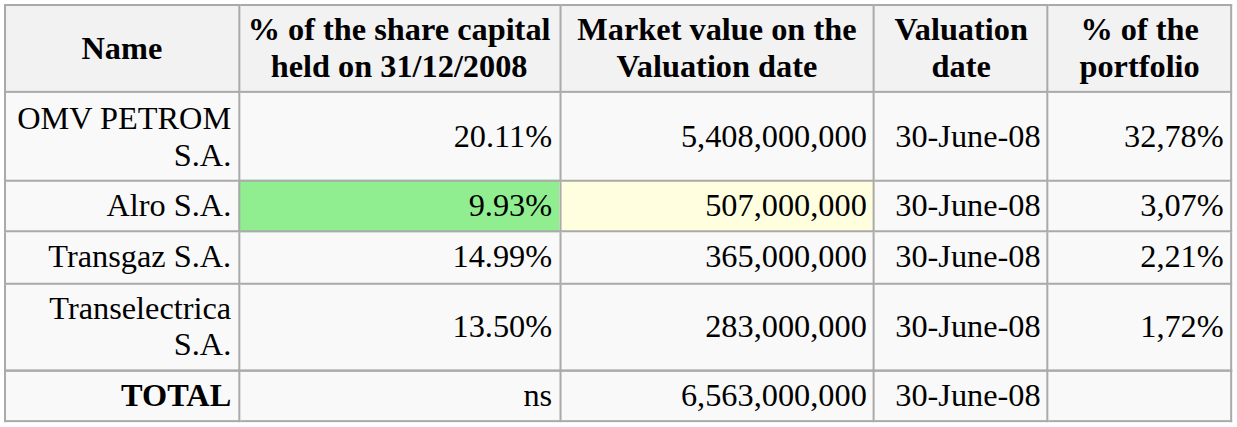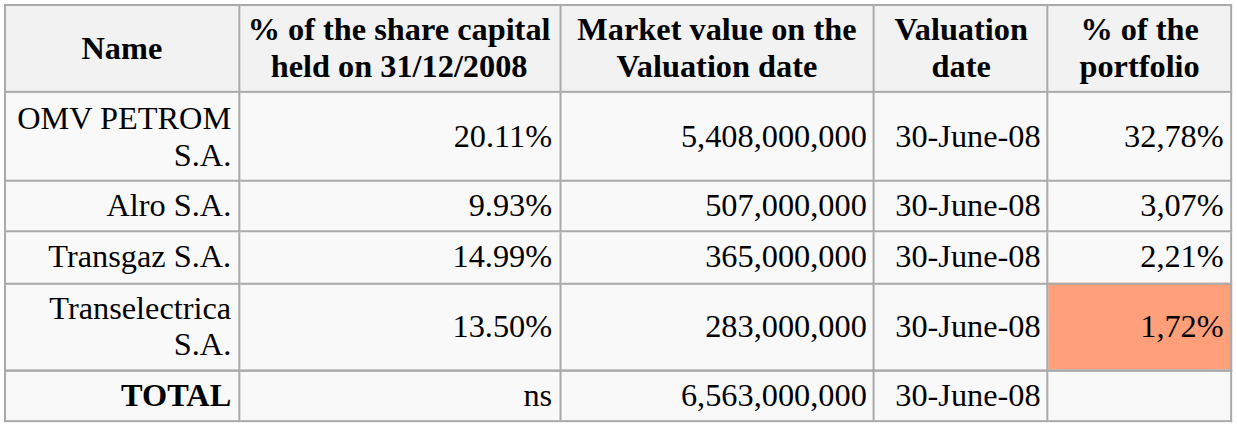 <table class="wikitable" border="1" style="text-align:right">
 <tr>
 <th>Name</th>
 <th>% of the share capital held on 31/12/2008</th>
 <th>Market value on the Valuation date</th>
 <th>Valuation date</th>
 <th>% of the portfolio</th>
 </tr>
 <tr>
 <td>OMV PETROM S.A.</td>
 <td>20.11%</td>
 <td>5,408,000,000</td>
 <td>30-June-08</td>
 <td>32,78%</td>
 </tr>
 <tr>
 <td>Alro S.A.</td>
-<td style="background: lightgreen;">9.93%</td>
-<td style="background: lightyellow;">507,000,000</td>
+<td>9.93%</td>
+<td>507,000,000</td>
 <td>30-June-08</td>
 <td>3,07%</td>
 </tr>
 <tr>
 <td>Transgaz S.A.</td>
 <td>14.99%</td>
 <td>365,000,000</td>
 <td>30-June-08</td>
 <td>2,21%</td>
 </tr>
 <tr>
 <td>Transelectrica S.A.</td>
 <td>13.50%</td>
 <td>283,000,000</td>
 <td>30-June-08</td>
-<td>1,72%</td>
+<td style="background: lightsalmon;">1,72%</td>
 </tr>
 <tr>
 </tr>
 <tr>
 <td><strong>TOTAL</strong></td>
 <td>ns</td>
 <td>6,563,000,000</td>
 <td>30-June-08</td>
 <td></td>
 </tr>
 </table>
